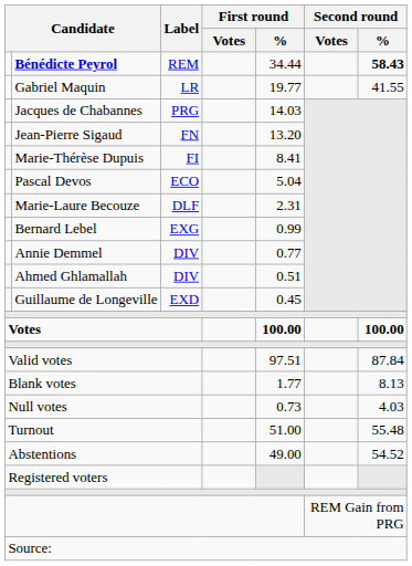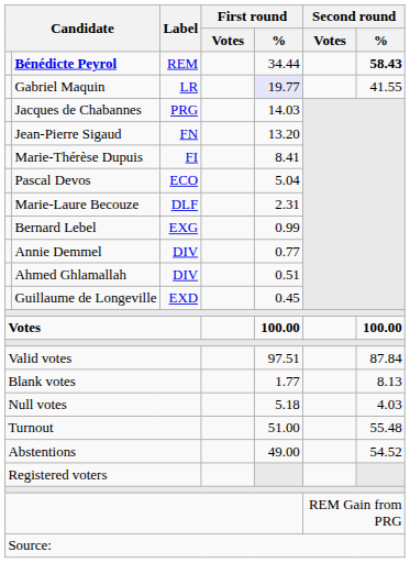 <table class="wikitable" style="text-align:right;font-size:95%;">
 <tr>
 <th colspan="2" rowspan="2">Candidate</th>
 <th rowspan="2">Label</th>
 <th colspan="2">First round</th>
 <th colspan="2">Second round</th>
 </tr>
 <tr>
 <th style="width:50px;">Votes</th>
 <th style="width:45px;">%</th>
 <th style="width:50px;">Votes</th>
 <th style="width:45px;">%</th>
 </tr>
 <tr>
 <td style="color:inherit;background:"></td>
 <td style="text-align:left;"><strong><a href='#'>Bénédicte Peyrol</a></strong></td>
 <td><a href='#'>REM</a></td>
 <td></td>
 <td>34.44</td>
 <td><strong></strong></td>
 <td><strong>58.43</strong></td>
 </tr>
 <tr>
 <td style="color:inherit;background:"></td>
 <td style="text-align:left;">Gabriel Maquin</td>
 <td><a href='#'>LR</a></td>
 <td></td>
-<td>19.77</td>
+<td style="background: lavender;">19.77</td>
 <td></td>
 <td>41.55</td>
 </tr>
 <tr>
 <td style="color:inherit;background:"></td>
 <td style="text-align:left;">Jacques de Chabannes</td>
 <td><a href='#'>PRG</a></td>
 <td></td>
 <td>14.03</td>
 <td colspan="2" rowspan="9" style="background:#E9E9E9;"></td>
 </tr>
 <tr>
 <td style="color:inherit;background:"></td>
 <td style="text-align:left;">Jean-Pierre Sigaud</td>
 <td><a href='#'>FN</a></td>
 <td></td>
 <td>13.20</td>
 </tr>
 <tr>
 <td style="color:inherit;background:"></td>
 <td style="text-align:left;">Marie-Thérèse Dupuis</td>
 <td><a href='#'>FI</a></td>
 <td></td>
 <td>8.41</td>
 </tr>
 <tr>
 <td style="color:inherit;background:"></td>
 <td style="text-align:left;">Pascal Devos</td>
 <td><a href='#'>ECO</a></td>
 <td></td>
 <td>5.04</td>
 </tr>
 <tr>
 <td style="color:inherit;background:"></td>
 <td style="text-align:left;">Marie-Laure Becouze</td>
 <td><a href='#'>DLF</a></td>
 <td></td>
 <td>2.31</td>
 </tr>
 <tr>
 <td style="color:inherit;background:"></td>
 <td style="text-align:left;">Bernard Lebel</td>
 <td><a href='#'>EXG</a></td>
 <td></td>
 <td>0.99</td>
 </tr>
 <tr>
 <td style="color:inherit;background:"></td>
 <td style="text-align:left;">Annie Demmel</td>
 <td><a href='#'>DIV</a></td>
 <td></td>
 <td>0.77</td>
 </tr>
 <tr>
 <td style="color:inherit;background:"></td>
 <td style="text-align:left;">Ahmed Ghlamallah</td>
 <td><a href='#'>DIV</a></td>
 <td></td>
 <td>0.51</td>
 </tr>
 <tr>
 <td style="color:inherit;background:"></td>
 <td style="text-align:left;">Guillaume de Longeville</td>
 <td><a href='#'>EXD</a></td>
 <td></td>
 <td>0.45</td>
 </tr>
 <tr>
 <td colspan="7" style="background:#E9E9E9;"></td>
 </tr>
 <tr style="font-weight:bold;">
 <td colspan="3" style="text-align:left;">Votes</td>
 <td></td>
 <td>100.00</td>
 <td></td>
 <td>100.00</td>
 </tr>
 <tr>
 <td colspan="7" style="background:#E9E9E9;"></td>
 </tr>
 <tr>
 <td colspan="3" style="text-align:left;">Valid votes</td>
 <td></td>
 <td>97.51</td>
 <td></td>
 <td>87.84</td>
 </tr>
 <tr>
 <td colspan="3" style="text-align:left;">Blank votes</td>
 <td></td>
 <td>1.77</td>
 <td></td>
 <td>8.13</td>
 </tr>
 <tr>
 <td colspan="3" style="text-align:left;">Null votes</td>
 <td></td>
-<td>0.73</td>
+<td>5.18</td>
 <td></td>
 <td>4.03</td>
 </tr>
 <tr>
 <td colspan="3" style="text-align:left;">Turnout</td>
 <td></td>
 <td>51.00</td>
 <td></td>
 <td>55.48</td>
 </tr>
 <tr>
 <td colspan="3" style="text-align:left;">Abstentions</td>
 <td></td>
 <td>49.00</td>
 <td></td>
 <td>54.52</td>
 </tr>
 <tr>
 <td colspan="3" style="text-align:left;">Registered voters</td>
 <td></td>
 <td style="color:inherit;background:#E9E9E9;"></td>
 <td></td>
 <td style="color:inherit;background:#E9E9E9;"></td>
 </tr>
 <tr>
 <td colspan="7" style="background:#E9E9E9;"></td>
 </tr>
 <tr>
 <td colspan="5"></td>
 <td colspan="2">REM Gain from PRG</td>
 </tr>
 <tr>
 <td colspan="7" style="text-align:left;">Source: </td>
 </tr>
 </table>
